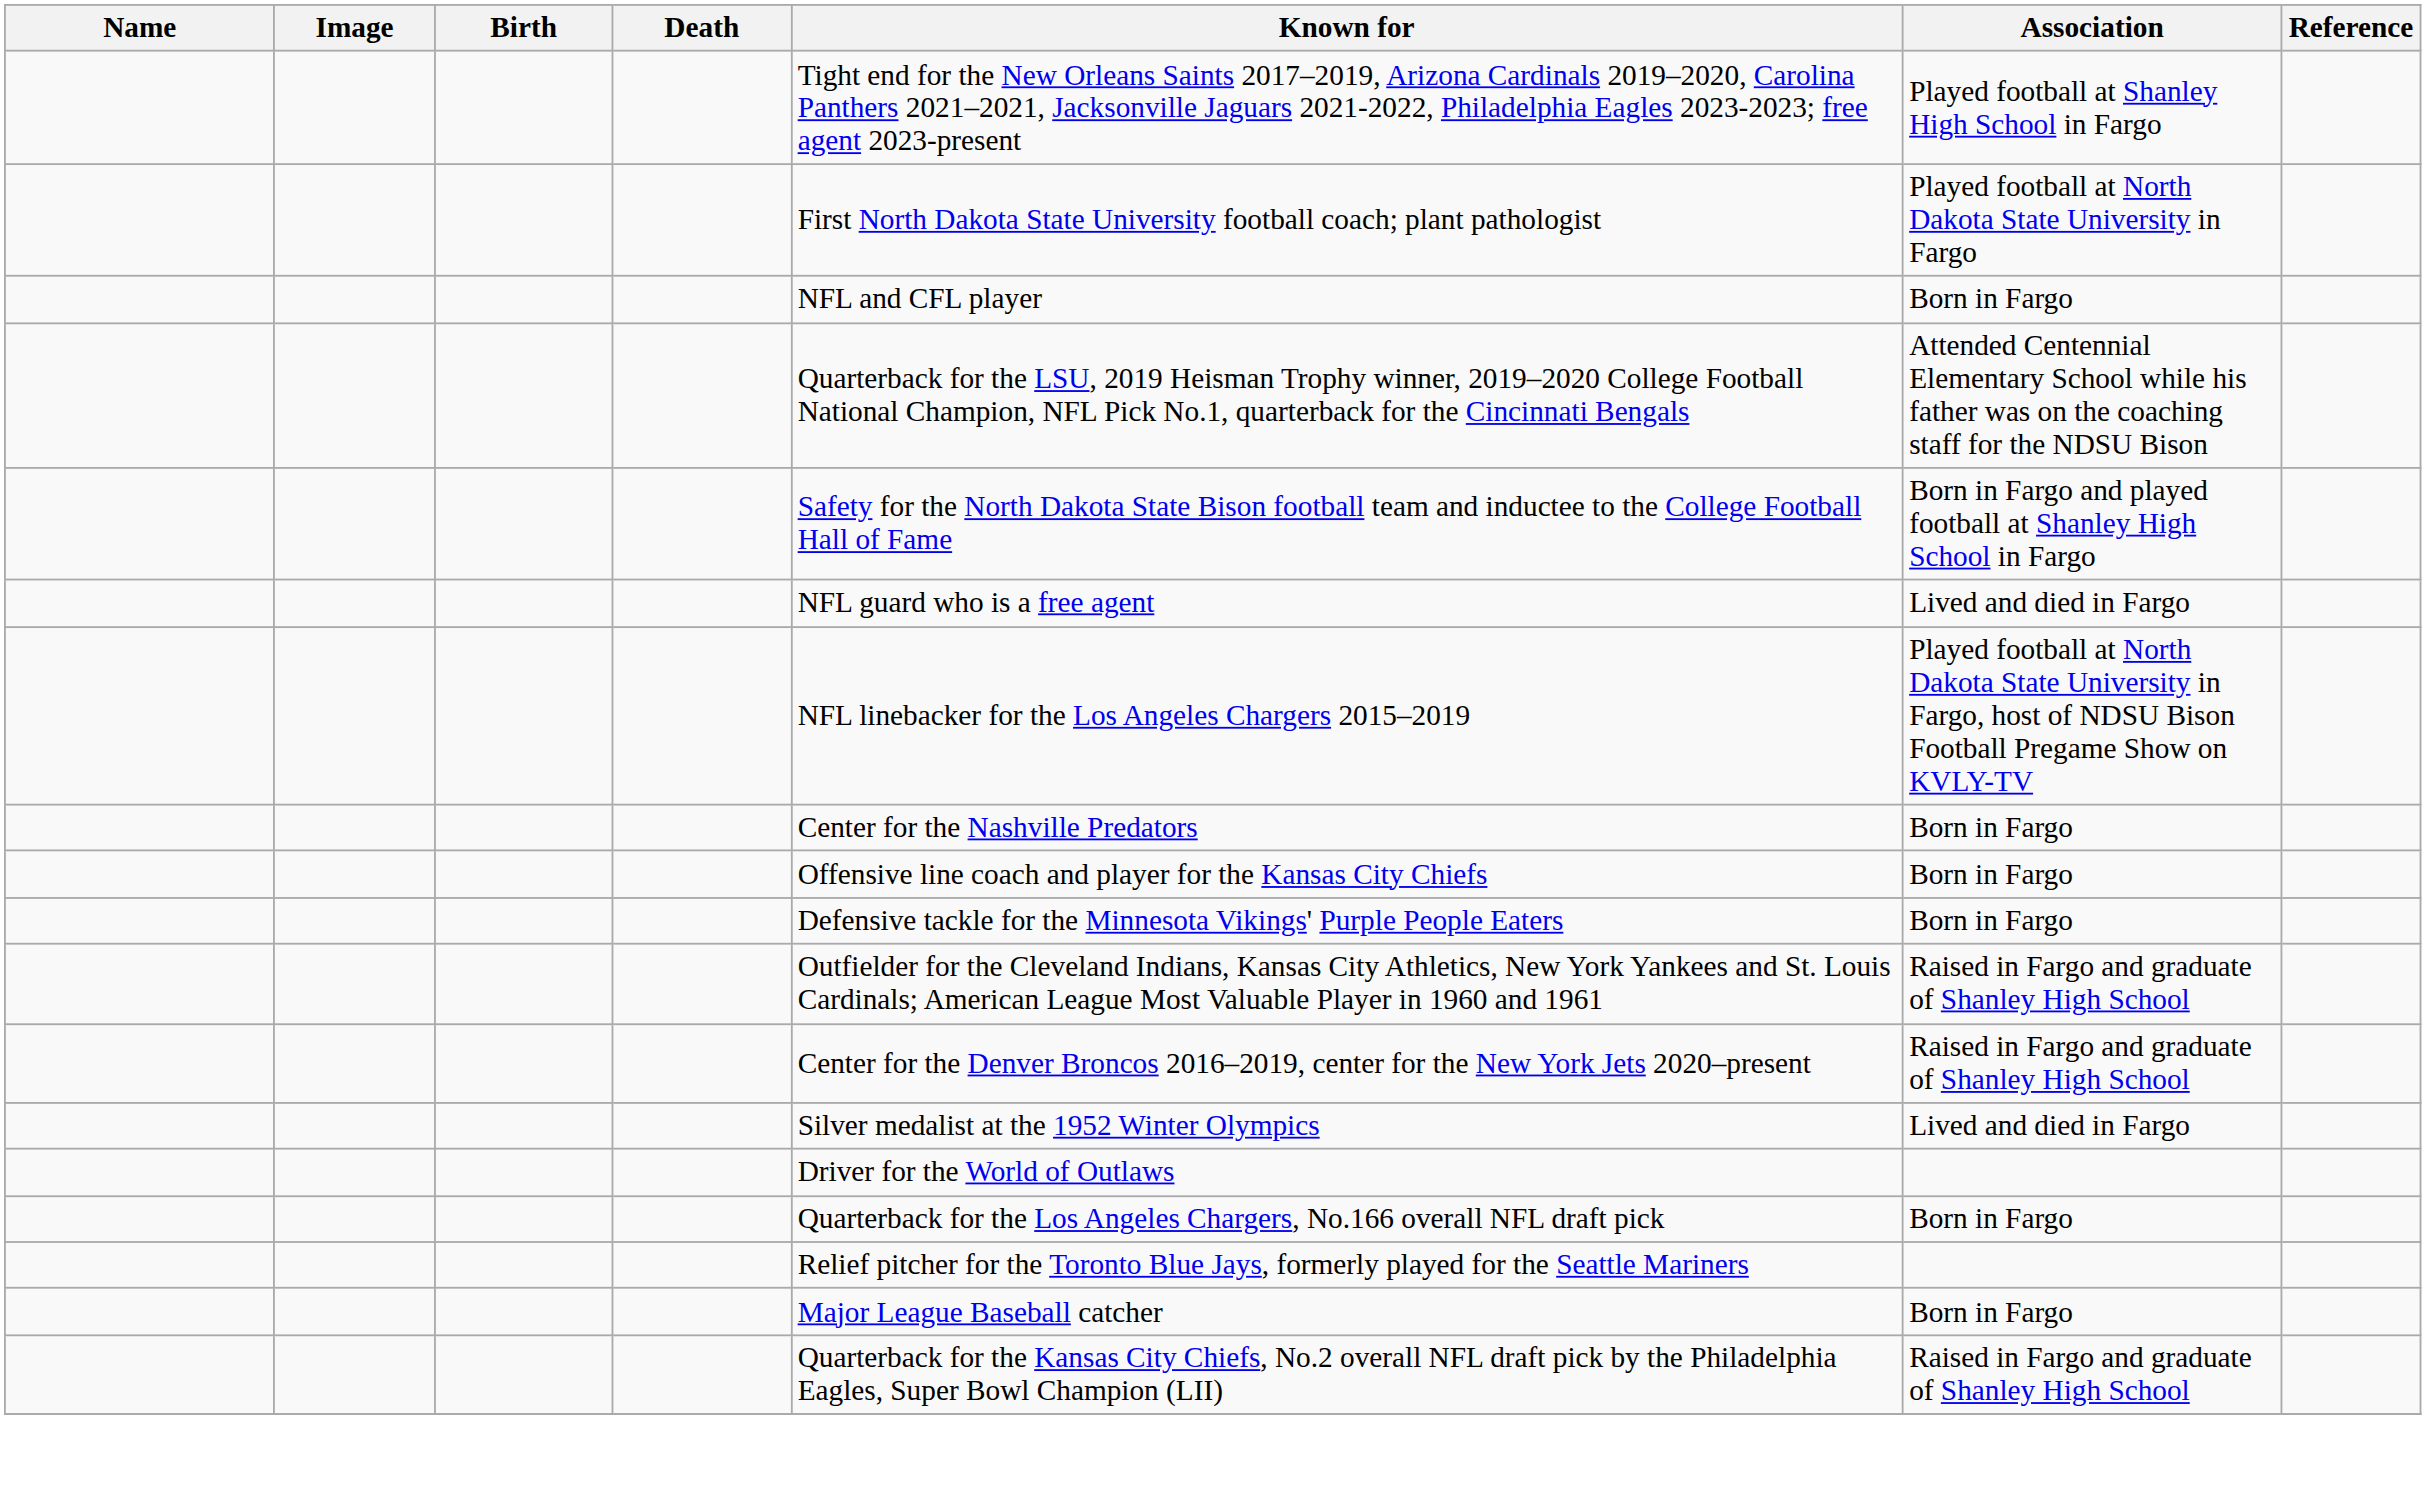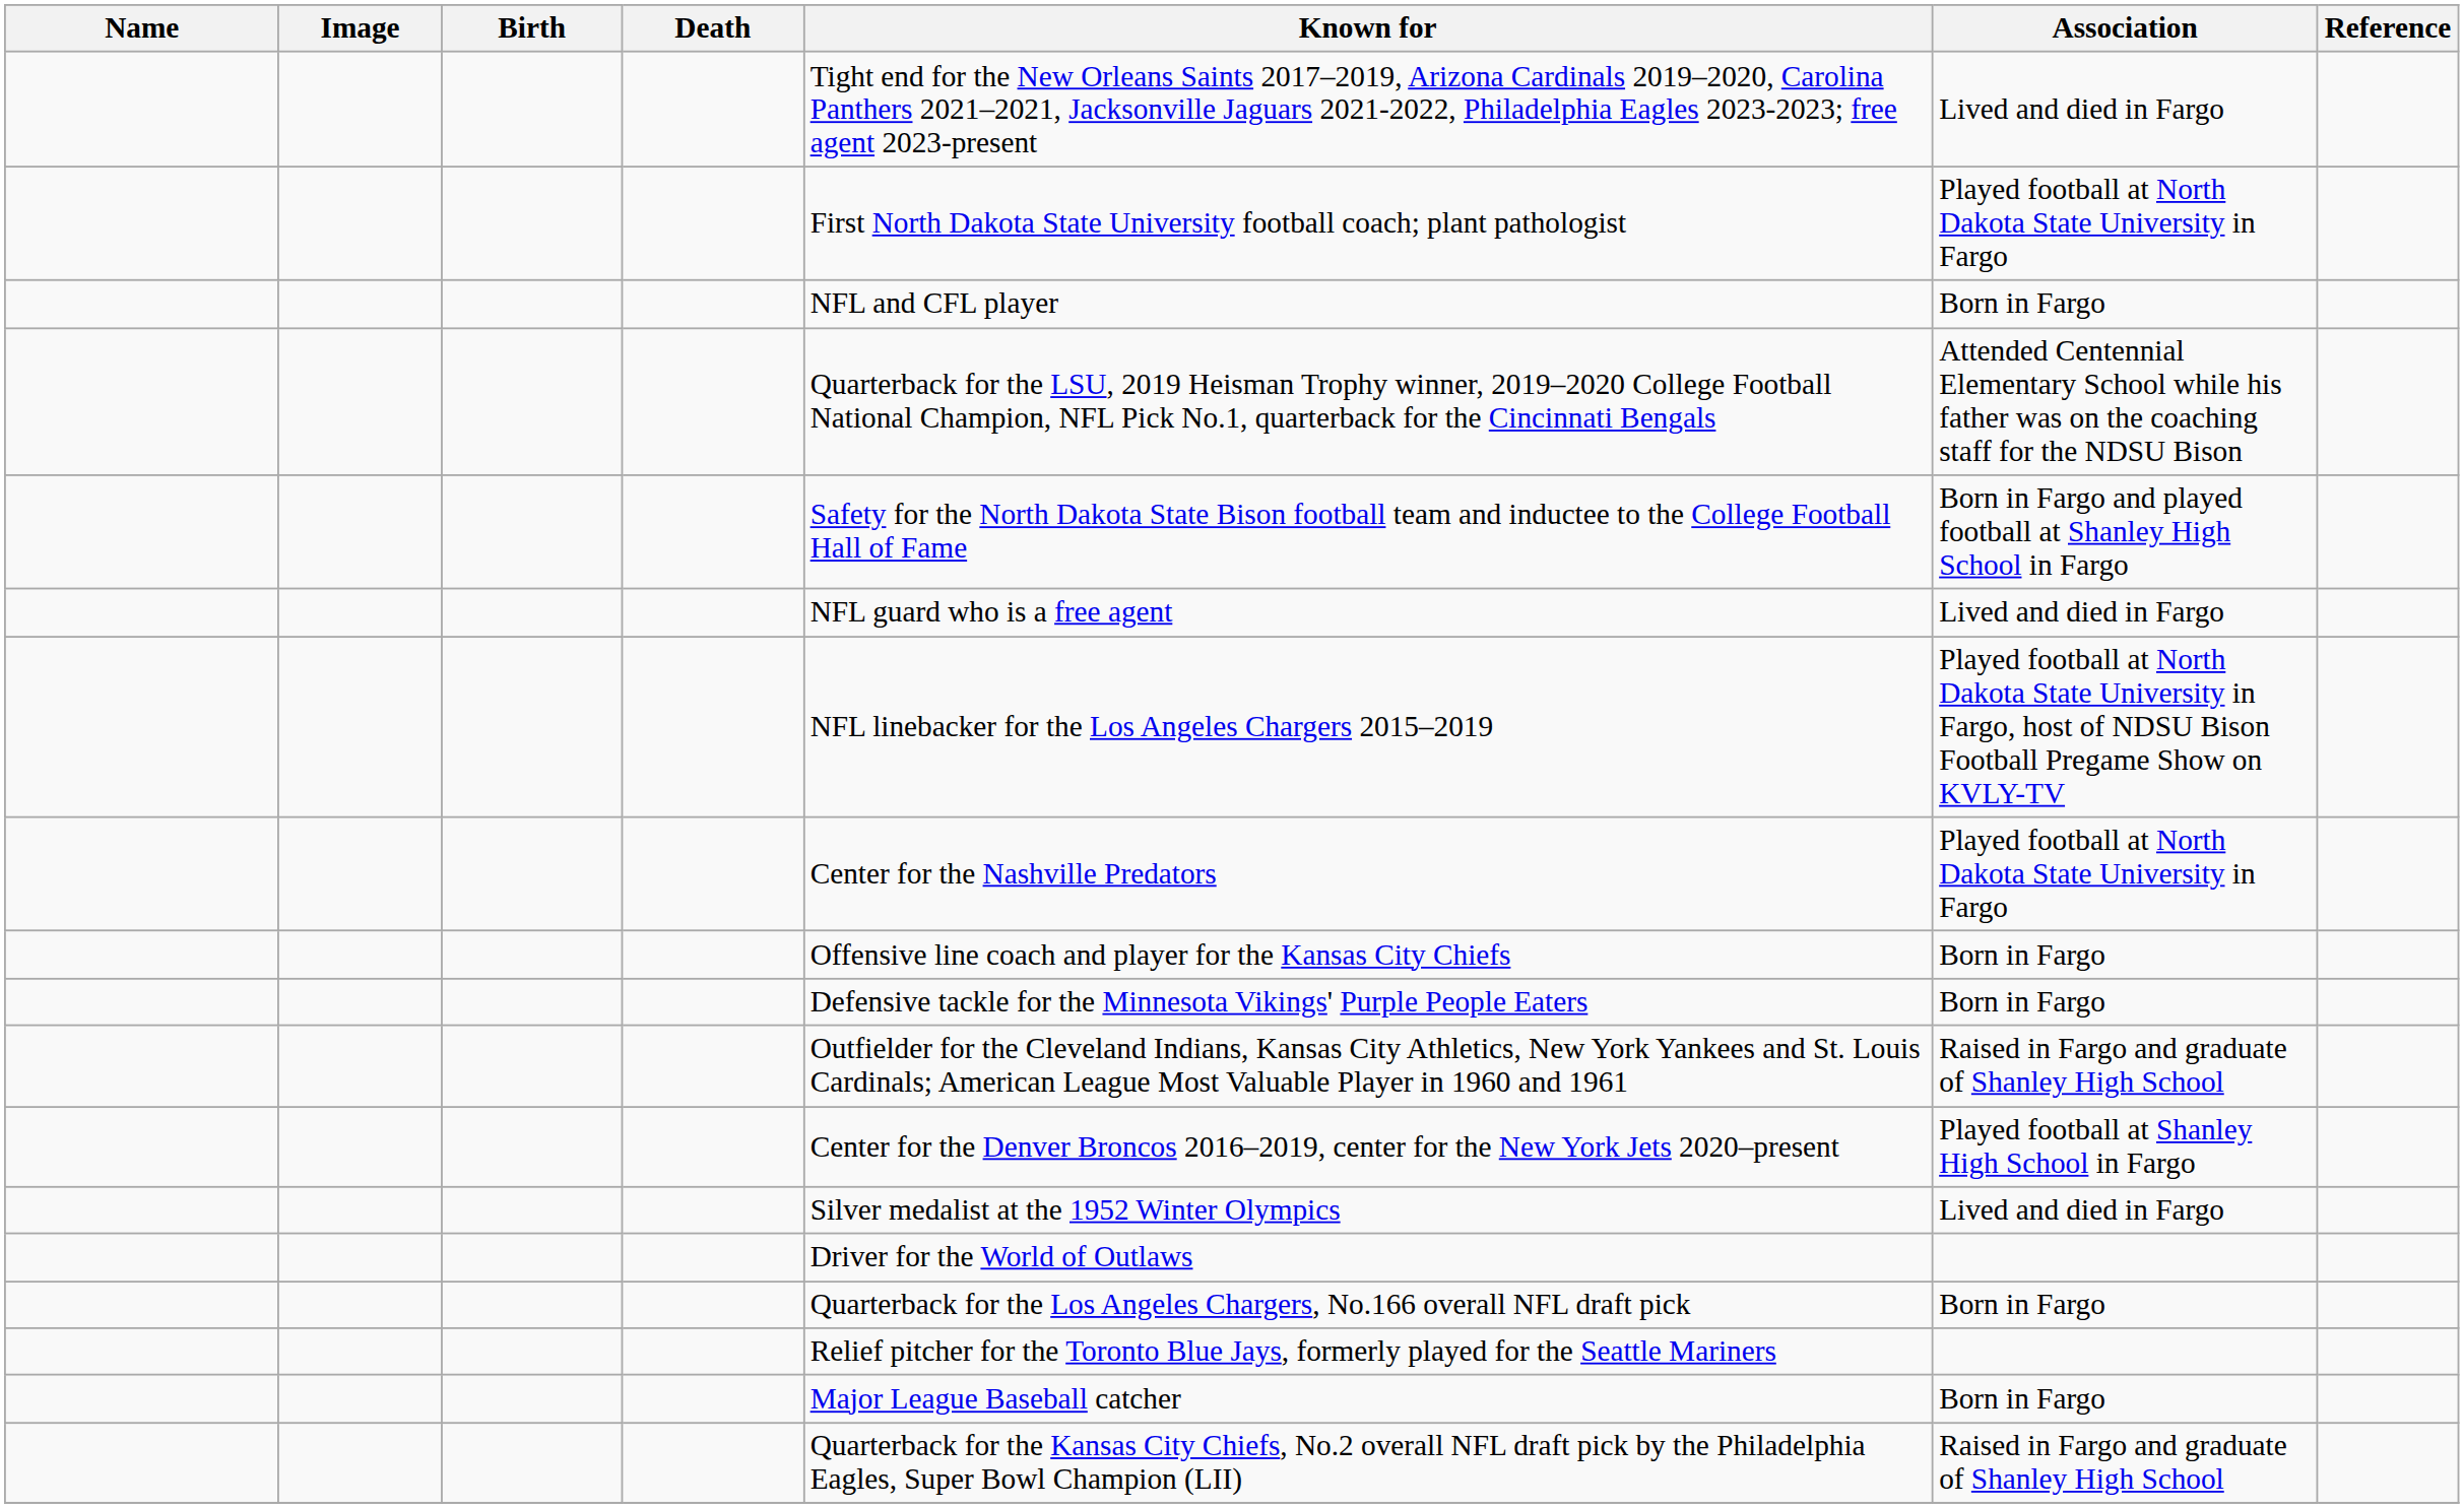 <table class="wikitable sortable">
 <tr>
 <th scope="col" width="140">Name</th>
 <th scope="col" width="80" class="unsortable">Image</th>
 <th scope="col" width="90">Birth</th>
 <th scope="col" width="90">Death</th>
 <th scope="col" width="600" class="unsortable">Known for</th>
 <th scope="col" width="200" class="unsortable">Association</th>
 <th scope="col" width="30" class="unsortable">Reference</th>
 </tr>
 <tr>
 <td></td>
 <td></td>
 <td align=right></td>
 <td align=right></td>
 <td>Tight end for the <a href='#'>New Orleans Saints</a> 2017–2019, <a href='#'>Arizona Cardinals</a> 2019–2020, <a href='#'>Carolina Panthers</a> 2021–2021, <a href='#'>Jacksonville Jaguars</a> 2021-2022, <a href='#'>Philadelphia Eagles</a> 2023-2023; <a href='#'>free agent</a> 2023-present</td>
-<td>Played football at <a href='#'>Shanley High School</a> in Fargo</td>
+<td>Lived and died in Fargo</td>
 <td></td>
 </tr>
 <tr>
 <td></td>
 <td></td>
 <td align=right></td>
 <td align=right></td>
 <td>First <a href='#'>North Dakota State University</a> football coach; plant pathologist</td>
 <td>Played football at <a href='#'>North Dakota State University</a> in Fargo</td>
 <td align="center"></td>
 </tr>
 <tr>
 <td></td>
 <td></td>
 <td align=right></td>
 <td></td>
 <td>NFL and CFL player</td>
 <td>Born in Fargo</td>
 <td align="center"></td>
 </tr>
 <tr>
 <td></td>
 <td></td>
 <td align=right></td>
 <td align=right></td>
 <td>Quarterback for the <a href='#'>LSU</a>, 2019 Heisman Trophy winner, 2019–2020 College Football National Champion, NFL Pick No.1, quarterback for the <a href='#'>Cincinnati Bengals</a></td>
 <td>Attended Centennial Elementary School while his father was on the coaching staff for the NDSU Bison</td>
 <td></td>
 </tr>
 <tr>
 <td></td>
 <td></td>
 <td align=right></td>
 <td align=right></td>
 <td><a href='#'>Safety</a> for the <a href='#'>North Dakota State Bison football</a> team and inductee to the <a href='#'>College Football Hall of Fame</a></td>
 <td>Born in Fargo and played football at <a href='#'>Shanley High School</a> in Fargo</td>
 <td></td>
 </tr>
 <tr>
 <td></td>
 <td></td>
 <td align=right></td>
 <td></td>
 <td>NFL guard who is a <a href='#'>free agent</a></td>
 <td>Lived and died in Fargo</td>
 <td align="center"></td>
 </tr>
 <tr>
 <td></td>
 <td></td>
 <td align=right></td>
 <td align=right></td>
 <td>NFL linebacker for the <a href='#'>Los Angeles Chargers</a> 2015–2019</td>
 <td>Played football at <a href='#'>North Dakota State University</a> in Fargo, host of NDSU Bison Football Pregame Show on <a href='#'>KVLY-TV</a></td>
 <td></td>
 </tr>
 <tr>
 <td></td>
 <td></td>
 <td align=right></td>
 <td></td>
 <td>Center for the <a href='#'>Nashville Predators</a></td>
-<td>Born in Fargo</td>
+<td>Played football at <a href='#'>North Dakota State University</a> in Fargo</td>
 <td align="center"></td>
 </tr>
 <tr>
 <td></td>
 <td></td>
 <td align=right></td>
 <td></td>
 <td>Offensive line coach and player for the <a href='#'>Kansas City Chiefs</a></td>
 <td>Born in Fargo</td>
 <td align="center"></td>
 </tr>
 <tr>
 <td></td>
 <td></td>
 <td align=right></td>
 <td></td>
 <td>Defensive tackle for the <a href='#'>Minnesota Vikings</a>' <a href='#'>Purple People Eaters</a></td>
 <td>Born in Fargo</td>
 <td align="center"></td>
 </tr>
 <tr>
 <td></td>
 <td></td>
 <td align=right></td>
 <td align=right></td>
 <td>Outfielder for the Cleveland Indians, Kansas City Athletics, New York Yankees and St. Louis Cardinals; American League Most Valuable Player in 1960 and 1961</td>
 <td>Raised in Fargo and graduate of <a href='#'>Shanley High School</a></td>
 <td align="center"></td>
 </tr>
 <tr>
 <td></td>
 <td></td>
 <td align=right></td>
 <td align=right></td>
 <td>Center for the <a href='#'>Denver Broncos</a> 2016–2019, center for the <a href='#'>New York Jets</a> 2020–present</td>
-<td>Raised in Fargo and graduate of <a href='#'>Shanley High School</a></td>
+<td>Played football at <a href='#'>Shanley High School</a> in Fargo</td>
 <td></td>
 </tr>
 <tr>
 <td></td>
 <td></td>
 <td align=right></td>
 <td align=right></td>
 <td>Silver medalist at the <a href='#'>1952 Winter Olympics</a></td>
 <td>Lived and died in Fargo</td>
 <td align="center"></td>
 </tr>
 <tr>
 <td></td>
 <td></td>
 <td align=right></td>
 <td></td>
 <td>Driver for the <a href='#'>World of Outlaws</a></td>
 <td></td>
 <td align="center"></td>
 </tr>
 <tr>
 <td></td>
 <td></td>
 <td align=right></td>
 <td></td>
 <td>Quarterback for the <a href='#'>Los Angeles Chargers</a>, No.166 overall NFL draft pick</td>
 <td>Born in Fargo</td>
 <td align="center"></td>
 </tr>
 <tr>
 <td></td>
 <td align=right></td>
 <td></td>
 <td></td>
 <td>Relief pitcher for the <a href='#'>Toronto Blue Jays</a>, formerly played for the <a href='#'>Seattle Mariners</a></td>
 <td align="center"></td>
 </tr>
 <tr>
 <td></td>
 <td></td>
 <td align=right></td>
 <td align=right></td>
 <td><a href='#'>Major League Baseball</a> catcher</td>
 <td>Born in Fargo</td>
 <td></td>
 </tr>
 <tr>
 <td></td>
 <td></td>
 <td align=right></td>
 <td></td>
 <td>Quarterback for the <a href='#'>Kansas City Chiefs</a>, No.2 overall NFL draft pick by the Philadelphia Eagles, Super Bowl Champion (LII)</td>
 <td>Raised in Fargo and graduate of <a href='#'>Shanley High School</a></td>
 <td align="center"></td>
 </tr>
 <tr>
 </tr>
 </table>
